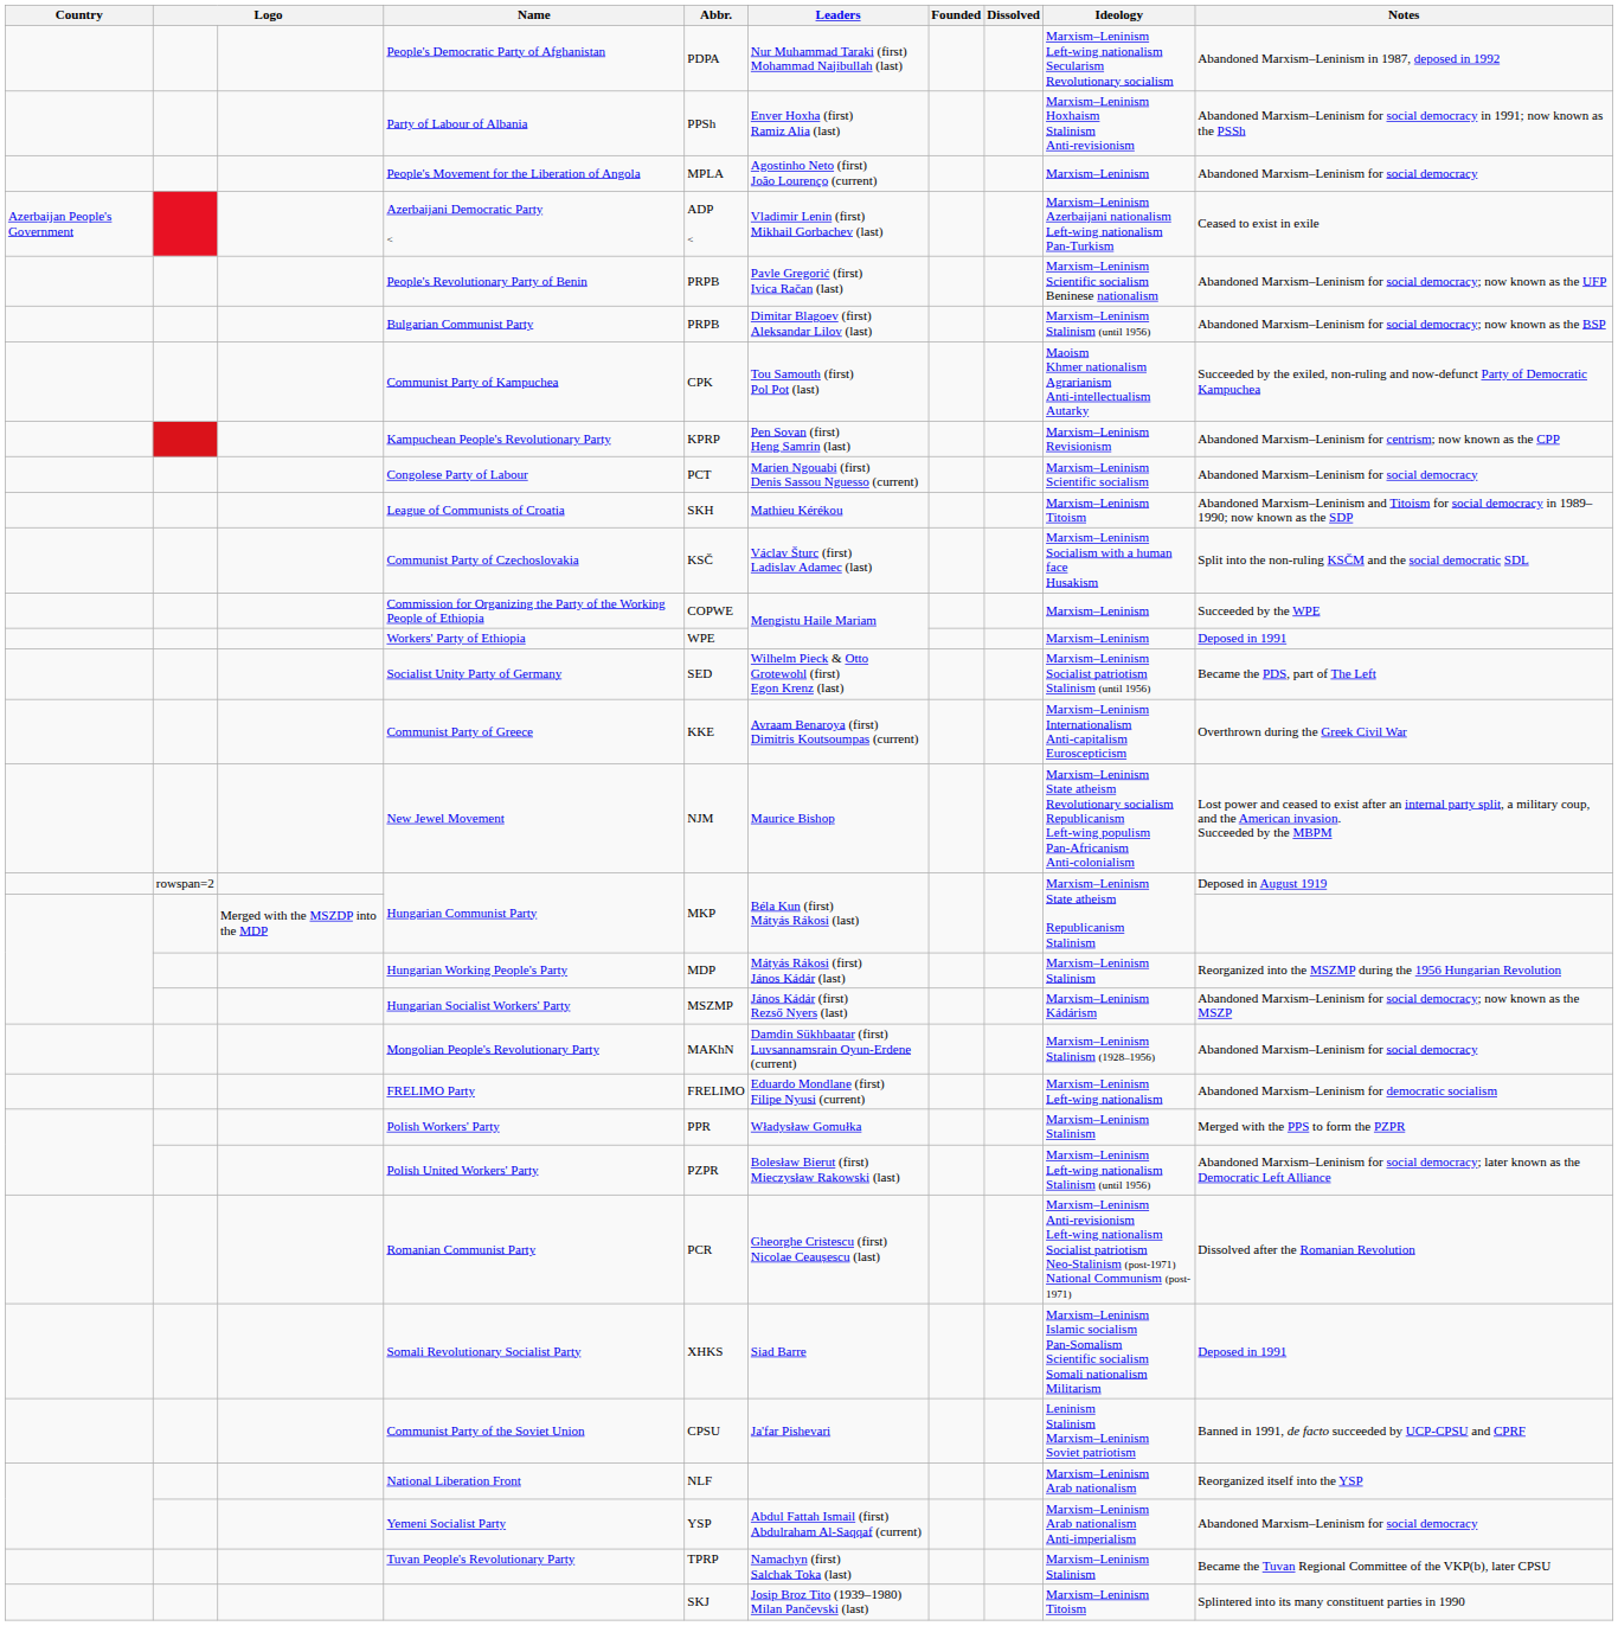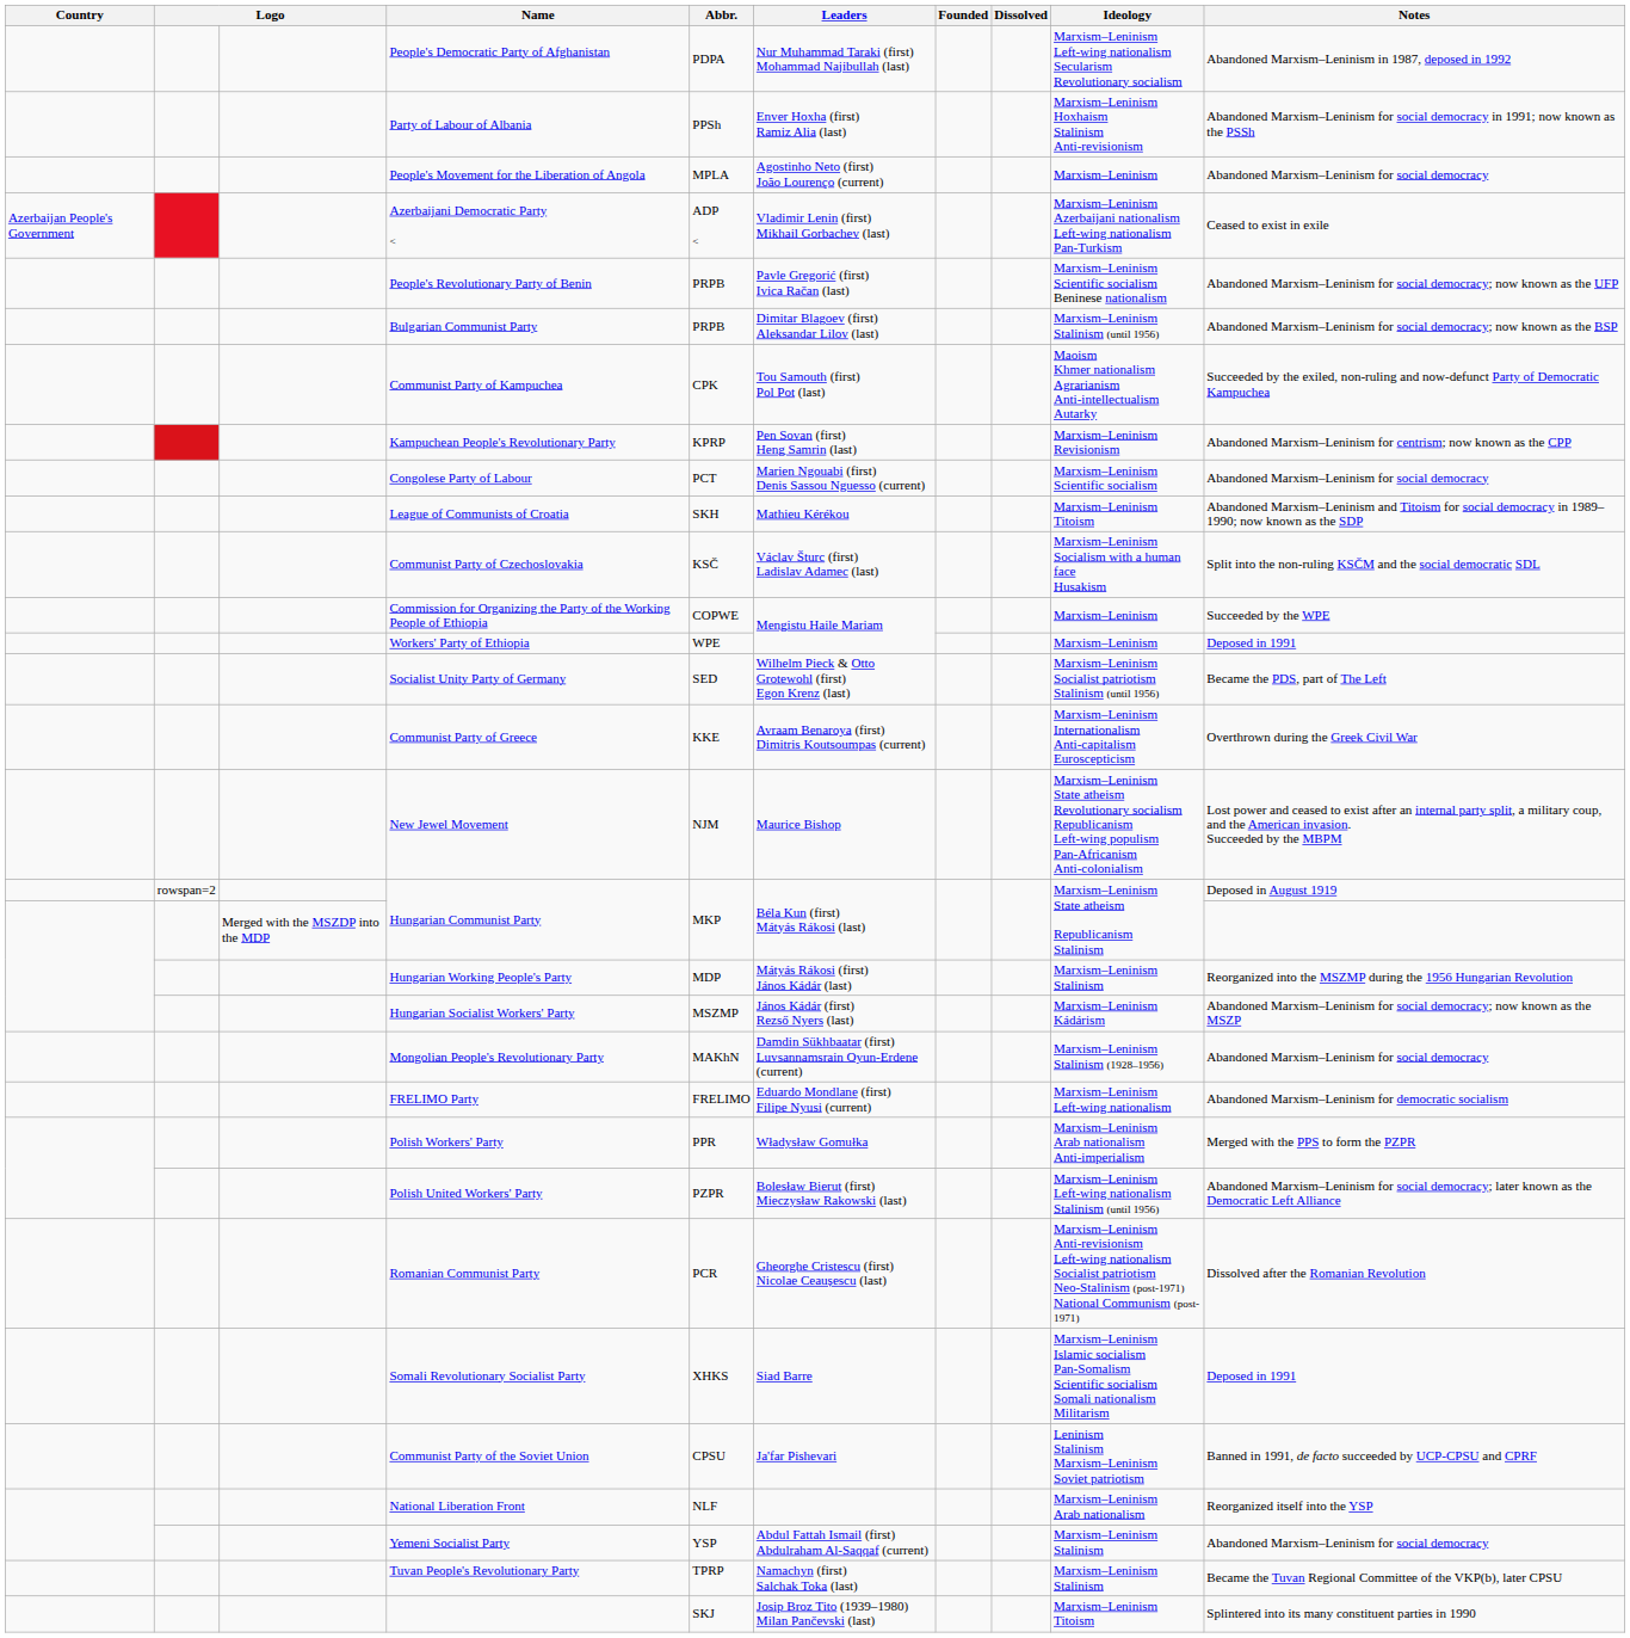 <table class="wikitable sortable">
 <tr>
 <th>Country</th>
 <th colspan=2>Logo</th>
 <th>Name</th>
 <th>Abbr.</th>
 <th><a href='#'>Leaders</a></th>
 <th>Founded</th>
 <th>Dissolved</th>
 <th>Ideology</th>
 <th>Notes</th>
 </tr>
 <tr>
 <td><br></td>
 <td></td>
 <td></td>
 <td><a href='#'>People's Democratic Party of Afghanistan</a><br><small><br></small></td>
 <td>PDPA</td>
 <td><a href='#'>Nur Muhammad Taraki</a> (first)<br><a href='#'>Mohammad Najibullah</a> (last)</td>
 <td></td>
 <td></td>
 <td><a href='#'>Marxism–Leninism</a><br><a href='#'>Left-wing nationalism</a><br><a href='#'>Secularism</a><br><a href='#'>Revolutionary socialism</a></td>
 <td>Abandoned Marxism–Leninism in 1987, <a href='#'>deposed in 1992</a></td>
 </tr>
 <tr>
 <td><br></td>
 <td></td>
 <td></td>
 <td><a href='#'>Party of Labour of Albania</a><br><small></small></td>
 <td>PPSh</td>
 <td><a href='#'>Enver Hoxha</a> (first)<br><a href='#'>Ramiz Alia</a> (last)</td>
 <td></td>
 <td></td>
 <td><a href='#'>Marxism–Leninism</a><br><a href='#'>Hoxhaism</a><br><a href='#'>Stalinism</a><br><a href='#'>Anti-revisionism</a></td>
 <td>Abandoned Marxism–Leninism for <a href='#'>social democracy</a> in 1991; now known as the <a href='#'>PSSh</a></td>
 </tr>
 <tr>
 <td><br></td>
 <td></td>
 <td></td>
 <td><a href='#'>People's Movement for the Liberation of Angola</a><br><small></small></td>
 <td>MPLA</td>
 <td><a href='#'>Agostinho Neto</a> (first)<br><a href='#'>João Lourenço</a> (current)</td>
 <td></td>
 <td></td>
 <td><a href='#'>Marxism–Leninism</a></td>
 <td>Abandoned Marxism–Leninism for <a href='#'>social democracy</a></td>
 </tr>
 <tr>
 <td> <a href='#'>Azerbaijan People's Government</a><br></td>
 <td style="background-color: #E81123"></td>
 <td></td>
 <td><a href='#'>Azerbaijani Democratic Party</a><br><small><br><</small></td>
 <td>ADP<br><small><br><</small></td>
 <td><a href='#'>Vladimir Lenin</a> (first)<br><a href='#'>Mikhail Gorbachev</a> (last)</td>
 <td></td>
 <td></td>
 <td><a href='#'>Marxism–Leninism</a><br><a href='#'>Azerbaijani nationalism</a><br><a href='#'>Left-wing nationalism</a><br><a href='#'>Pan-Turkism</a></td>
 <td>Ceased to exist in exile</td>
 </tr>
 <tr>
 <td><br></td>
 <td></td>
 <td></td>
 <td><a href='#'>People's Revolutionary Party of Benin</a><br><small></small></td>
 <td>PRPB</td>
 <td><a href='#'>Pavle Gregorić</a> (first)<br><a href='#'>Ivica Račan</a> (last)</td>
 <td></td>
 <td></td>
 <td><a href='#'>Marxism–Leninism</a><br><a href='#'>Scientific socialism</a><br>Beninese <a href='#'>nationalism</a></td>
 <td>Abandoned Marxism–Leninism for <a href='#'>social democracy</a>; now known as the <a href='#'>UFP</a></td>
 </tr>
 <tr>
 <td><br></td>
 <td></td>
 <td></td>
 <td><a href='#'>Bulgarian Communist Party</a><br><small></small></td>
 <td>PRPB<br><small></small></td>
 <td><a href='#'>Dimitar Blagoev</a> (first)<br><a href='#'>Aleksandar Lilov</a> (last)</td>
 <td></td>
 <td></td>
 <td><a href='#'>Marxism–Leninism</a><br><a href='#'>Stalinism</a> <small>(until 1956)</small></td>
 <td>Abandoned Marxism–Leninism for <a href='#'>social democracy</a>; now known as the <a href='#'>BSP</a></td>
 </tr>
 <tr>
 <td><br></td>
 <td></td>
 <td></td>
 <td><a href='#'>Communist Party of Kampuchea</a><br><small></small></td>
 <td>CPK<br><small></small></td>
 <td><a href='#'>Tou Samouth</a> (first)<br><a href='#'>Pol Pot</a> (last)</td>
 <td></td>
 <td></td>
 <td><a href='#'>Maoism</a><br><a href='#'>Khmer nationalism</a><br><a href='#'>Agrarianism</a><br><a href='#'>Anti-intellectualism</a><br><a href='#'>Autarky</a></td>
 <td>Succeeded by the exiled, non-ruling and now-defunct <a href='#'>Party of Democratic Kampuchea</a></td>
 </tr>
 <tr>
 <td><br></td>
 <td style="background-color: #DA121A"></td>
 <td></td>
 <td><a href='#'>Kampuchean People's Revolutionary Party</a><br><small></small></td>
 <td>KPRP</td>
 <td><a href='#'>Pen Sovan</a> (first)<br><a href='#'>Heng Samrin</a> (last)</td>
 <td><br> </td>
 <td></td>
 <td><a href='#'>Marxism–Leninism</a><br><a href='#'>Revisionism</a></td>
 <td>Abandoned Marxism–Leninism for <a href='#'>centrism</a>; now known as the <a href='#'>CPP</a></td>
 </tr>
 <tr>
 <td><br></td>
 <td></td>
 <td></td>
 <td><a href='#'>Congolese Party of Labour</a><br><small></small></td>
 <td>PCT</td>
 <td><a href='#'>Marien Ngouabi</a> (first)<br><a href='#'>Denis Sassou Nguesso</a> (current)</td>
 <td></td>
 <td></td>
 <td><a href='#'>Marxism–Leninism</a><br><a href='#'>Scientific socialism</a></td>
 <td>Abandoned Marxism–Leninism for <a href='#'>social democracy</a></td>
 </tr>
 <tr>
 <td><br></td>
 <td></td>
 <td></td>
 <td><a href='#'>League of Communists of Croatia</a><br><small></small></td>
 <td>SKH</td>
 <td><a href='#'>Mathieu Kérékou</a></td>
 <td></td>
 <td></td>
 <td><a href='#'>Marxism–Leninism</a><br><a href='#'>Titoism</a> </td>
 <td>Abandoned Marxism–Leninism and <a href='#'>Titoism</a> for <a href='#'>social democracy</a> in 1989–1990; now known as the <a href='#'>SDP</a></td>
 </tr>
 <tr>
 <td><br></td>
 <td></td>
 <td></td>
 <td><a href='#'>Communist Party of Czechoslovakia</a><br><small></small></td>
 <td>KSČ</td>
 <td><a href='#'>Václav Šturc</a> (first)<br><a href='#'>Ladislav Adamec</a> (last)</td>
 <td></td>
 <td></td>
 <td><a href='#'>Marxism–Leninism</a><br><a href='#'>Socialism with a human face</a> <br><a href='#'>Husakism</a> </td>
 <td>Split into the non-ruling <a href='#'>KSČM</a> and the <a href='#'>social democratic</a> <a href='#'>SDL</a></td>
 </tr>
 <tr>
 <td><br></td>
 <td></td>
 <td></td>
 <td><a href='#'>Commission for Organizing the Party of the Working People of Ethiopia</a><br><small></small></td>
 <td>COPWE</td>
 <td rowspan=2><a href='#'>Mengistu Haile Mariam</a></td>
 <td></td>
 <td></td>
 <td><a href='#'>Marxism–Leninism</a></td>
 <td>Succeeded by the <a href='#'>WPE</a></td>
 </tr>
 <tr>
 <td><br></td>
 <td></td>
 <td></td>
 <td><a href='#'>Workers' Party of Ethiopia</a><br><small></small></td>
 <td>WPE<br><small></small></td>
 <td></td>
 <td></td>
 <td><a href='#'>Marxism–Leninism</a></td>
 <td><a href='#'>Deposed in 1991</a></td>
 </tr>
 <tr>
 <td><br></td>
 <td></td>
 <td></td>
 <td><a href='#'>Socialist Unity Party of Germany</a><br><small></small></td>
 <td>SED</td>
 <td><a href='#'>Wilhelm Pieck</a> & <a href='#'>Otto Grotewohl</a> (first)<br><a href='#'>Egon Krenz</a> (last)</td>
 <td></td>
 <td></td>
 <td><a href='#'>Marxism–Leninism</a><br><a href='#'>Socialist patriotism</a><br><a href='#'>Stalinism</a> <small>(until 1956)</small></td>
 <td>Became the <a href='#'>PDS</a>, part of <a href='#'>The Left</a></td>
 </tr>
 <tr>
 <td><br></td>
 <td></td>
 <td></td>
 <td><a href='#'>Communist Party of Greece</a><br><small></small></td>
 <td>KKE<br><small></small></td>
 <td><a href='#'>Avraam Benaroya</a> (first)<br><a href='#'>Dimitris Koutsoumpas</a> (current)</td>
 <td></td>
 <td></td>
 <td><a href='#'>Marxism–Leninism</a><br><a href='#'>Internationalism</a><br><a href='#'>Anti-capitalism</a><br><a href='#'>Euroscepticism</a></td>
 <td>Overthrown during the <a href='#'>Greek Civil War</a></td>
 </tr>
 <tr>
 <td><br></td>
 <td></td>
 <td></td>
 <td><a href='#'>New Jewel Movement</a></td>
 <td>NJM</td>
 <td><a href='#'>Maurice Bishop</a></td>
 <td></td>
 <td></td>
 <td><a href='#'>Marxism–Leninism</a><br><a href='#'>State atheism</a><br><a href='#'>Revolutionary socialism</a><br><a href='#'>Republicanism</a><br><a href='#'>Left-wing populism</a><br><a href='#'>Pan-Africanism</a><br><a href='#'>Anti-colonialism</a></td>
 <td>Lost power and ceased to exist after an <a href='#'>internal party split</a>, a military coup, and the <a href='#'>American invasion</a>.<br> Succeeded by the <a href='#'>MBPM</a></td>
 </tr>
 <tr>
 <td><br></td>
 <td>rowspan=2 </td>
 <td></td>
 <td rowspan=2><a href='#'>Hungarian Communist Party</a><br><small></small></td>
 <td rowspan=2>MKP</td>
 <td rowspan=2><a href='#'>Béla Kun</a> (first)<br><a href='#'>Mátyás Rákosi</a> (last)</td>
 <td rowspan=2></td>
 <td rowspan=2></td>
 <td rowspan=2><a href='#'>Marxism–Leninism</a><br><a href='#'>State atheism</a><br><br><a href='#'>Republicanism</a><br><a href='#'>Stalinism</a></td>
 <td>Deposed in <a href='#'>August 1919</a></td>
 </tr>
 <tr>
 <td rowspan=3><br></td>
 <td></td>
 <td>Merged with the <a href='#'>MSZDP</a> into the <a href='#'>MDP</a></td>
 </tr>
 <tr>
 <td></td>
 <td></td>
 <td><a href='#'>Hungarian Working People's Party</a><br><small></small></td>
 <td>MDP</td>
 <td><a href='#'>Mátyás Rákosi</a> (first)<br><a href='#'>János Kádár</a> (last)</td>
 <td></td>
 <td></td>
 <td><a href='#'>Marxism–Leninism</a><br><a href='#'>Stalinism</a></td>
 <td>Reorganized into the <a href='#'>MSZMP</a> during the <a href='#'>1956 Hungarian Revolution</a></td>
 </tr>
 <tr>
 <td></td>
 <td></td>
 <td><a href='#'>Hungarian Socialist Workers' Party</a><br><small></small></td>
 <td>MSZMP</td>
 <td><a href='#'>János Kádár</a> (first)<br><a href='#'>Rezső Nyers</a> (last)</td>
 <td></td>
 <td></td>
 <td><a href='#'>Marxism–Leninism</a><br><a href='#'>Kádárism</a></td>
 <td>Abandoned Marxism–Leninism for <a href='#'>social democracy</a>; now known as the <a href='#'>MSZP</a></td>
 </tr>
 <tr>
 <td><br></td>
 <td></td>
 <td></td>
 <td><a href='#'>Mongolian People's Revolutionary Party</a><br><small></small></td>
 <td>MAKhN<br><small></small></td>
 <td><a href='#'>Damdin Sükhbaatar</a> (first)<br><a href='#'>Luvsannamsrain Oyun-Erdene</a> (current)</td>
 <td></td>
 <td></td>
 <td><a href='#'>Marxism–Leninism</a><br><a href='#'>Stalinism</a> <small>(1928–1956)</small></td>
 <td>Abandoned Marxism–Leninism for <a href='#'>social democracy</a></td>
 </tr>
 <tr>
 <td><br></td>
 <td></td>
 <td></td>
 <td><a href='#'>FRELIMO Party</a><br><small></small></td>
 <td>FRELIMO</td>
 <td><a href='#'>Eduardo Mondlane</a> (first)<br><a href='#'>Filipe Nyusi</a> (current)</td>
 <td></td>
 <td></td>
 <td><a href='#'>Marxism–Leninism</a><br><a href='#'>Left-wing nationalism</a></td>
 <td>Abandoned Marxism–Leninism for <a href='#'>democratic socialism</a></td>
 </tr>
 <tr>
 <td rowspan=2><br></td>
 <td></td>
 <td></td>
 <td><a href='#'>Polish Workers' Party</a><br><small></small></td>
 <td>PPR</td>
 <td><a href='#'>Władysław Gomułka</a></td>
 <td></td>
 <td></td>
-<td><a href='#'>Marxism–Leninism</a><br><a href='#'>Stalinism</a></td>
+<td><a href='#'>Marxism–Leninism</a><br><a href='#'>Arab nationalism</a><br><a href='#'>Anti-imperialism</a></td>
 <td>Merged with the <a href='#'>PPS</a> to form the <a href='#'>PZPR</a></td>
 </tr>
 <tr>
 <td></td>
 <td></td>
 <td><a href='#'>Polish United Workers' Party</a><br><small></small></td>
 <td>PZPR</td>
 <td><a href='#'>Bolesław Bierut</a> (first)<br><a href='#'>Mieczysław Rakowski</a> (last)</td>
 <td></td>
 <td></td>
 <td><a href='#'>Marxism–Leninism</a><br><a href='#'>Left-wing nationalism</a><br><a href='#'>Stalinism</a> <small>(until 1956)</small></td>
 <td>Abandoned Marxism–Leninism for <a href='#'>social democracy</a>; later known as the <a href='#'>Democratic Left Alliance</a></td>
 </tr>
 <tr>
 <td><br></td>
 <td></td>
 <td></td>
 <td><a href='#'>Romanian Communist Party</a><br><small></small></td>
 <td>PCR</td>
 <td><a href='#'>Gheorghe Cristescu</a> (first)<br><a href='#'>Nicolae Ceaușescu</a> (last)</td>
 <td></td>
 <td></td>
 <td><a href='#'>Marxism–Leninism</a><br><a href='#'>Anti-revisionism</a><br><a href='#'>Left-wing nationalism</a><br><a href='#'>Socialist patriotism</a><br><a href='#'>Neo-Stalinism</a> <small>(post-1971)</small><br><a href='#'>National Communism</a> <small>(post-1971)</small></td>
 <td>Dissolved after the <a href='#'>Romanian Revolution</a></td>
 </tr>
 <tr>
 <td><br></td>
 <td></td>
 <td></td>
 <td><a href='#'>Somali Revolutionary Socialist Party</a><br><small></small></td>
 <td>XHKS</td>
 <td><a href='#'>Siad Barre</a></td>
 <td></td>
 <td></td>
 <td><a href='#'>Marxism–Leninism</a><br><a href='#'>Islamic socialism</a><br><a href='#'>Pan-Somalism</a><br><a href='#'>Scientific socialism</a><br><a href='#'>Somali nationalism</a><br><a href='#'>Militarism</a></td>
 <td><a href='#'>Deposed in 1991</a></td>
 </tr>
 <tr>
 <td><br></td>
 <td></td>
 <td></td>
 <td><a href='#'>Communist Party of the Soviet Union</a><br><small></small></td>
 <td>CPSU<br><small></small></td>
 <td><a href='#'>Ja'far Pishevari</a></td>
 <td></td>
 <td></td>
 <td><a href='#'>Leninism</a> <br><a href='#'>Stalinism</a> <br><a href='#'>Marxism–Leninism</a> <br><a href='#'>Soviet patriotism</a></td>
 <td>Banned in 1991, <em>de facto</em> succeeded by <a href='#'>UCP-CPSU</a> and <a href='#'>CPRF</a></td>
 </tr>
 <tr>
 <td rowspan=2><br></td>
 <td></td>
 <td></td>
 <td><a href='#'>National Liberation Front</a><br><small></small></td>
 <td>NLF</td>
 <td></td>
 <td></td>
 <td></td>
 <td><a href='#'>Marxism–Leninism</a><br><a href='#'>Arab nationalism</a></td>
 <td>Reorganized itself into the <a href='#'>YSP</a></td>
 </tr>
 <tr>
 <td></td>
 <td></td>
 <td><a href='#'>Yemeni Socialist Party</a><br><small></small></td>
 <td>YSP</td>
 <td><a href='#'>Abdul Fattah Ismail</a> (first)<br><a href='#'>Abdulraham Al-Saqqaf</a> (current)</td>
 <td></td>
 <td></td>
-<td><a href='#'>Marxism–Leninism</a><br><a href='#'>Arab nationalism</a><br><a href='#'>Anti-imperialism</a></td>
+<td><a href='#'>Marxism–Leninism</a><br><a href='#'>Stalinism</a></td>
 <td>Abandoned Marxism–Leninism for <a href='#'>social democracy</a></td>
 </tr>
 <tr>
 <td><br></td>
 <td></td>
 <td></td>
 <td><a href='#'>Tuvan People's Revolutionary Party</a><br><small><br></small></td>
 <td>TPRP<br><small><br></small></td>
 <td><a href='#'>Namachyn</a> (first)<br><a href='#'>Salchak Toka</a> (last)</td>
 <td></td>
 <td></td>
 <td><a href='#'>Marxism–Leninism</a><br><a href='#'>Stalinism</a></td>
 <td>Became the <a href='#'>Tuvan</a> Regional Committee of the VKP(b), later CPSU</td>
 </tr>
 <tr>
 <td><br></td>
 <td></td>
 <td></td>
 <td></td>
 <td>SKJ<br><small></small></td>
 <td><a href='#'>Josip Broz Tito</a> (1939–1980)<br><a href='#'>Milan Pančevski</a> (last)</td>
 <td></td>
 <td></td>
 <td><a href='#'>Marxism–Leninism</a><br><a href='#'>Titoism</a></td>
 <td>Splintered into its many constituent parties in 1990</td>
 </tr>
 </table>
